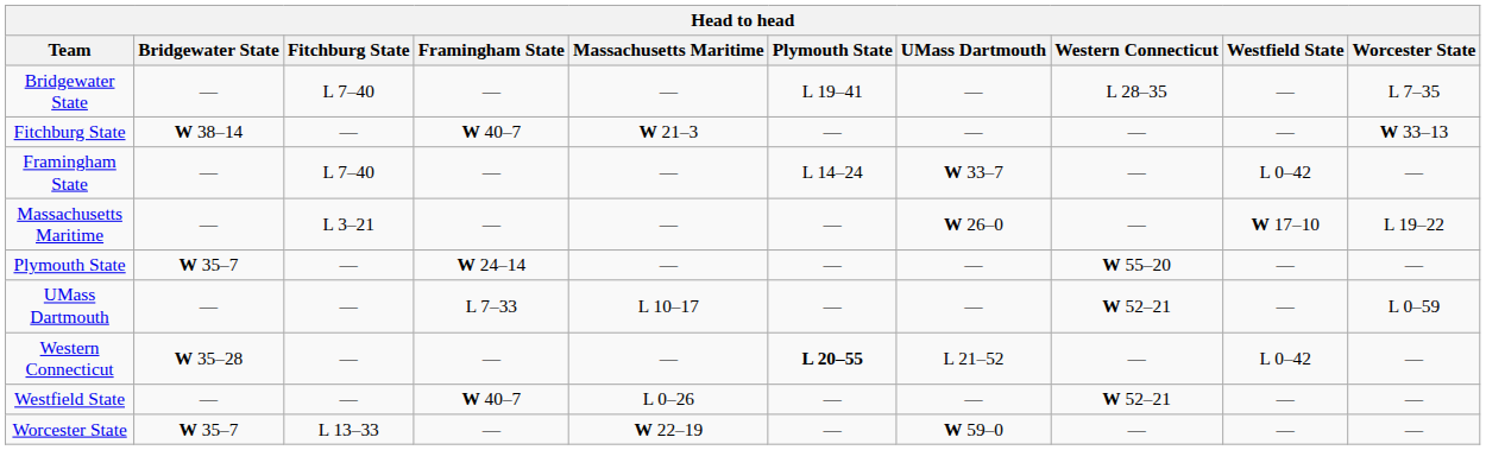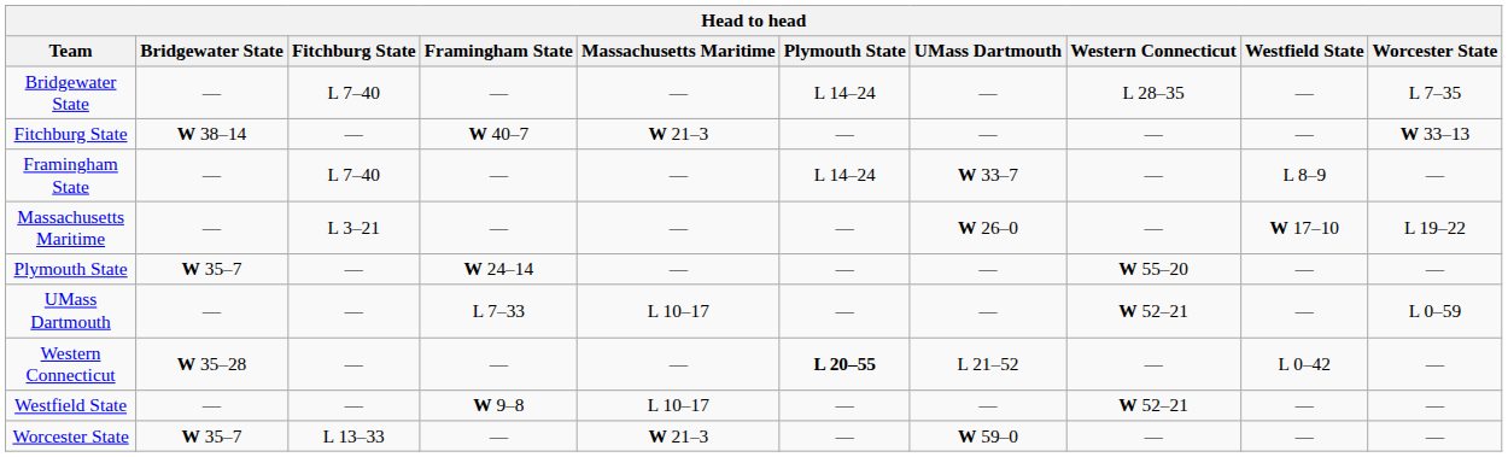 <table class="wikitable" style="font-size:95%; text-align:center;">
 <tr>
 <th colspan="17">Head to head</th>
 </tr>
 <tr>
 <th style="width:100px;">Team</th>
 <th>Bridgewater State</th>
 <th>Fitchburg State</th>
 <th>Framingham State</th>
 <th>Massachusetts Maritime</th>
 <th>Plymouth State</th>
 <th>UMass Dartmouth</th>
 <th>Western Connecticut</th>
 <th>Westfield State</th>
 <th>Worcester State</th>
 </tr>
 <tr>
 <td><a href='#'>Bridgewater State</a></td>
 <td>—</td>
 <td>L 7–40</td>
 <td>—</td>
 <td>—</td>
-<td>L 19–41</td>
+<td>L 14–24</td>
 <td>—</td>
 <td>L 28–35</td>
 <td>—</td>
 <td>L 7–35</td>
 </tr>
 <tr>
 <td><a href='#'>Fitchburg State</a></td>
 <td><strong>W</strong> 38–14</td>
 <td>—</td>
 <td><strong>W</strong> 40–7</td>
 <td><strong>W</strong> 21–3</td>
 <td>—</td>
 <td>—</td>
 <td>—</td>
 <td>—</td>
 <td><strong>W</strong> 33–13</td>
 </tr>
 <tr>
 <td><a href='#'>Framingham State</a></td>
 <td>—</td>
 <td>L 7–40</td>
 <td>—</td>
 <td>—</td>
 <td>L 14–24</td>
 <td><strong>W</strong> 33–7</td>
 <td>—</td>
-<td>L 0–42</td>
+<td>L 8–9</td>
 <td>—</td>
 </tr>
 <tr>
 <td><a href='#'>Massachusetts Maritime</a></td>
 <td>—</td>
 <td>L 3–21</td>
 <td>—</td>
 <td>—</td>
 <td>—</td>
 <td><strong>W</strong> 26–0</td>
 <td>—</td>
 <td><strong>W</strong> 17–10</td>
 <td>L 19–22</td>
 </tr>
 <tr>
 <td><a href='#'>Plymouth State</a></td>
 <td><strong>W</strong> 35–7</td>
 <td>—</td>
 <td><strong>W</strong> 24–14</td>
 <td>—</td>
 <td>—</td>
 <td>—</td>
 <td><strong>W</strong> 55–20</td>
 <td>—</td>
 <td>—</td>
 </tr>
 <tr>
 <td><a href='#'>UMass Dartmouth</a></td>
 <td>—</td>
 <td>—</td>
 <td>L 7–33</td>
 <td>L 10–17</td>
 <td>—</td>
 <td>—</td>
 <td><strong>W</strong> 52–21</td>
 <td>—</td>
 <td>L 0–59</td>
 </tr>
 <tr>
 <td><a href='#'>Western Connecticut</a></td>
 <td><strong>W</strong> 35–28</td>
 <td>—</td>
 <td>—</td>
 <td>—</td>
 <td><strong>L 20–55</strong></td>
 <td>L 21–52</td>
 <td>—</td>
 <td>L 0–42</td>
 <td>—</td>
 </tr>
 <tr>
 <td><a href='#'>Westfield State</a></td>
 <td>—</td>
 <td>—</td>
-<td><strong>W</strong> 40–7</td>
-<td>L 0–26</td>
+<td><strong>W</strong> 9–8</td>
+<td>L 10–17</td>
 <td>—</td>
 <td>—</td>
 <td><strong>W</strong> 52–21</td>
 <td>—</td>
 <td>—</td>
 </tr>
 <tr>
 <td><a href='#'>Worcester State</a></td>
 <td><strong>W</strong> 35–7</td>
 <td>L 13–33</td>
 <td>—</td>
-<td><strong>W</strong> 22–19</td>
+<td><strong>W</strong> 21–3</td>
 <td>—</td>
 <td><strong>W</strong> 59–0</td>
 <td>—</td>
 <td>—</td>
 <td>—</td>
 </tr>
 </table>
